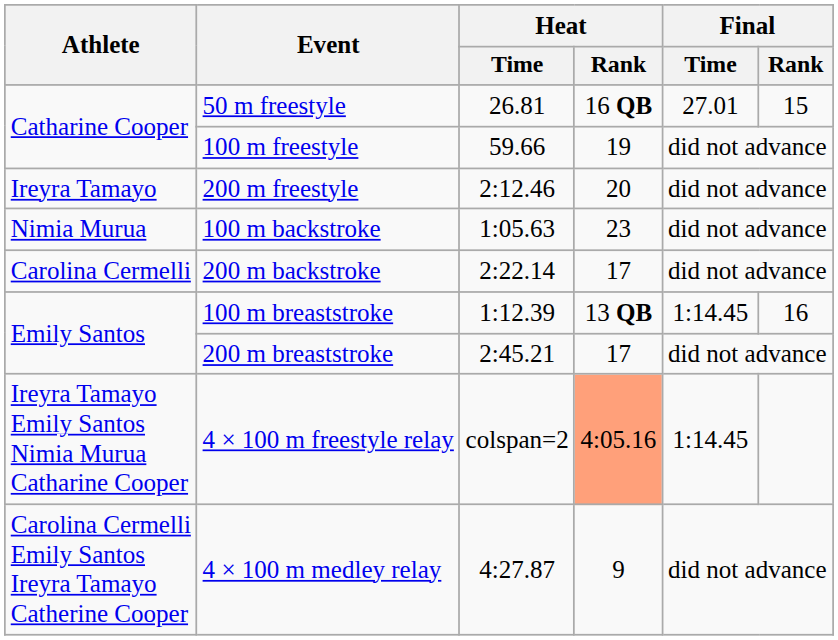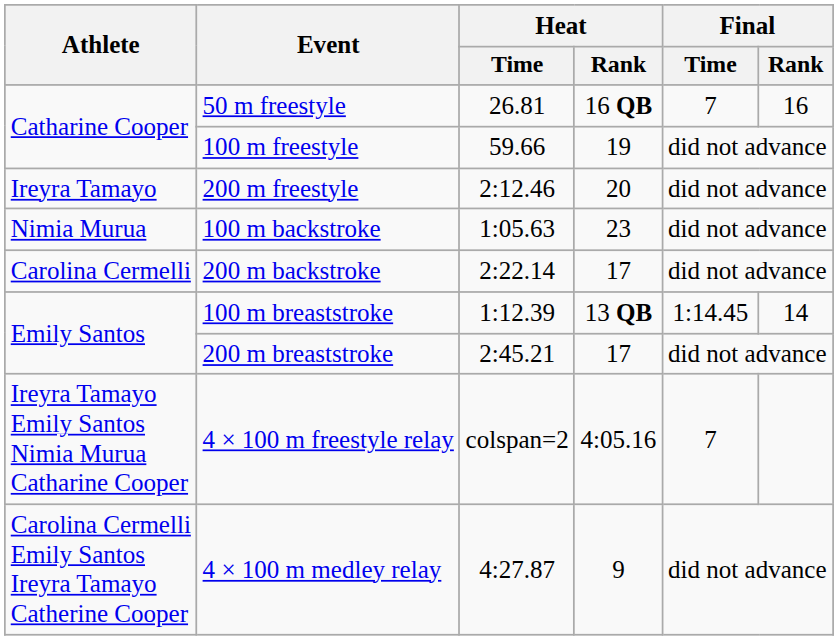 <table class=wikitable style="font-size:90%">
 <tr>
 <th rowspan="2">Athlete</th>
 <th rowspan="2">Event</th>
 <th colspan="2">Heat</th>
 <th colspan="2">Final</th>
 </tr>
 <tr style="font-size:95%">
 <th>Time</th>
 <th>Rank</th>
 <th>Time</th>
 <th>Rank</th>
 </tr>
 <tr align=center>
 <td align=left rowspan=2><a href='#'>Catharine Cooper</a></td>
 <td align=left><a href='#'>50 m freestyle</a></td>
 <td>26.81</td>
 <td>16 <strong>QB</strong></td>
-<td>27.01</td>
-<td>15</td>
+<td>7</td>
+<td>16</td>
 </tr>
 <tr align=center>
 <td align=left><a href='#'>100 m freestyle</a></td>
 <td>59.66</td>
 <td>19</td>
 <td colspan="2">did not advance</td>
 </tr>
 <tr align=center>
 <td align=left><a href='#'>Ireyra Tamayo</a></td>
 <td align=left><a href='#'>200 m freestyle</a></td>
 <td>2:12.46</td>
 <td>20</td>
 <td colspan="2">did not advance</td>
 </tr>
 <tr align=center>
 <td align=left><a href='#'>Nimia Murua</a></td>
 <td align=left><a href='#'>100 m backstroke</a></td>
 <td>1:05.63</td>
 <td>23</td>
 <td colspan="2">did not advance</td>
 </tr>
 <tr align=center>
 <td align=left><a href='#'>Carolina Cermelli</a></td>
 <td align=left><a href='#'>200 m backstroke</a></td>
 <td>2:22.14</td>
 <td>17</td>
 <td colspan="2">did not advance</td>
 </tr>
 <tr align=center>
 <td align=left rowspan="2"><a href='#'>Emily Santos</a></td>
 <td align=left><a href='#'>100 m breaststroke</a></td>
 <td>1:12.39</td>
 <td>13 <strong>QB</strong></td>
 <td>1:14.45</td>
-<td>16</td>
+<td>14</td>
 </tr>
 <tr align=center>
 <td align=left><a href='#'>200 m breaststroke</a></td>
 <td>2:45.21</td>
 <td>17</td>
 <td colspan="2">did not advance</td>
 </tr>
 <tr align=center>
 <td align=left><a href='#'>Ireyra Tamayo</a><br><a href='#'>Emily Santos</a><br><a href='#'>Nimia Murua</a><br><a href='#'>Catharine Cooper</a></td>
 <td align=left><a href='#'>4 × 100 m freestyle relay</a></td>
 <td>colspan=2 </td>
-<td style="background: lightsalmon;">4:05.16</td>
-<td>1:14.45</td>
+<td>4:05.16</td>
+<td>7</td>
 </tr>
 <tr align=center>
 <td align=left><a href='#'>Carolina Cermelli</a><br><a href='#'>Emily Santos</a><br><a href='#'>Ireyra Tamayo</a><br><a href='#'>Catherine Cooper</a></td>
 <td align=left><a href='#'>4 × 100 m medley relay</a></td>
 <td>4:27.87</td>
 <td>9</td>
 <td colspan="2">did not advance</td>
 </tr>
 </table>
